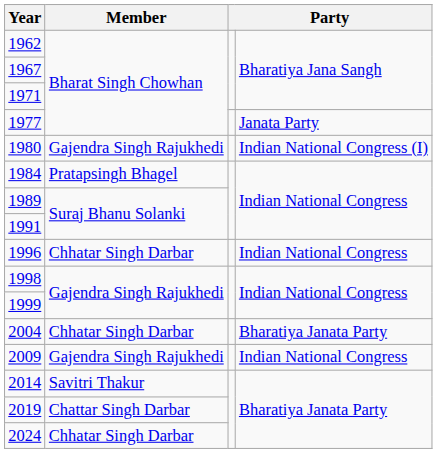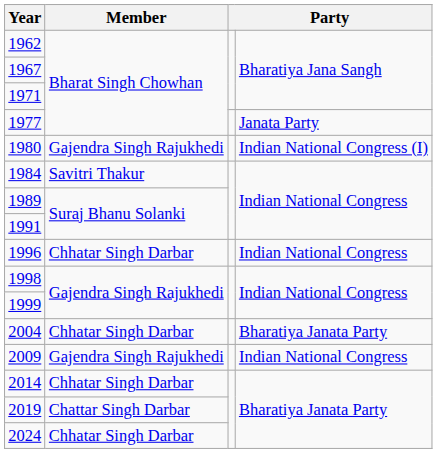 <table class="wikitable">
 <tr>
 <th>Year</th>
 <th>Member</th>
 <th colspan="2">Party</th>
 </tr>
 <tr>
 <td><a href='#'>1962</a></td>
 <td rowspan="4"><a href='#'>Bharat Singh Chowhan</a></td>
 <td rowspan="3" style="background-color: "></td>
 <td rowspan="3"><a href='#'>Bharatiya Jana Sangh</a></td>
 </tr>
 <tr>
 <td><a href='#'>1967</a></td>
 </tr>
 <tr>
 <td><a href='#'>1971</a></td>
 </tr>
 <tr>
 <td><a href='#'>1977</a></td>
 <td style="background-color: "></td>
 <td><a href='#'>Janata Party</a></td>
 </tr>
 <tr>
 <td><a href='#'>1980</a></td>
 <td><a href='#'>Gajendra Singh Rajukhedi</a></td>
 <td style="background-color: "></td>
 <td><a href='#'>Indian National Congress (I)</a></td>
 </tr>
 <tr>
 <td><a href='#'>1984</a></td>
-<td><a href='#'>Pratapsingh Bhagel</a></td>
+<td><a href='#'>Savitri Thakur</a></td>
 <td rowspan="3" style="background-color: "></td>
 <td rowspan="3"><a href='#'>Indian National Congress</a></td>
 </tr>
 <tr>
 <td><a href='#'>1989</a></td>
 <td rowspan="2"><a href='#'>Suraj Bhanu Solanki</a></td>
 </tr>
 <tr>
 <td><a href='#'>1991</a></td>
 </tr>
 <tr>
 <td><a href='#'>1996</a></td>
 <td><a href='#'>Chhatar Singh Darbar</a></td>
 <td style="background-color: "></td>
 <td><a href='#'>Indian National Congress</a></td>
 </tr>
 <tr>
 <td><a href='#'>1998</a></td>
 <td rowspan="2"><a href='#'>Gajendra Singh Rajukhedi</a></td>
 <td rowspan="2" style="background-color: "></td>
 <td rowspan="2"><a href='#'>Indian National Congress</a></td>
 </tr>
 <tr>
 <td><a href='#'>1999</a></td>
 </tr>
 <tr>
 <td><a href='#'>2004</a></td>
 <td><a href='#'>Chhatar Singh Darbar</a></td>
 <td style="background-color: "></td>
 <td><a href='#'>Bharatiya Janata Party</a></td>
 </tr>
 <tr>
 <td><a href='#'>2009</a></td>
 <td><a href='#'>Gajendra Singh Rajukhedi</a></td>
 <td style="background-color: "></td>
 <td><a href='#'>Indian National Congress</a></td>
 </tr>
 <tr>
 <td><a href='#'>2014</a></td>
-<td><a href='#'>Savitri Thakur</a></td>
+<td><a href='#'>Chhatar Singh Darbar</a></td>
 <td rowspan="3" style="background-color: "></td>
 <td rowspan="3"><a href='#'>Bharatiya Janata Party</a></td>
 </tr>
 <tr>
 <td><a href='#'>2019</a></td>
 <td><a href='#'>Chattar Singh Darbar</a></td>
 </tr>
 <tr>
 <td><a href='#'>2024</a></td>
 <td><a href='#'>Chhatar Singh Darbar</a></td>
 </tr>
 </table>
